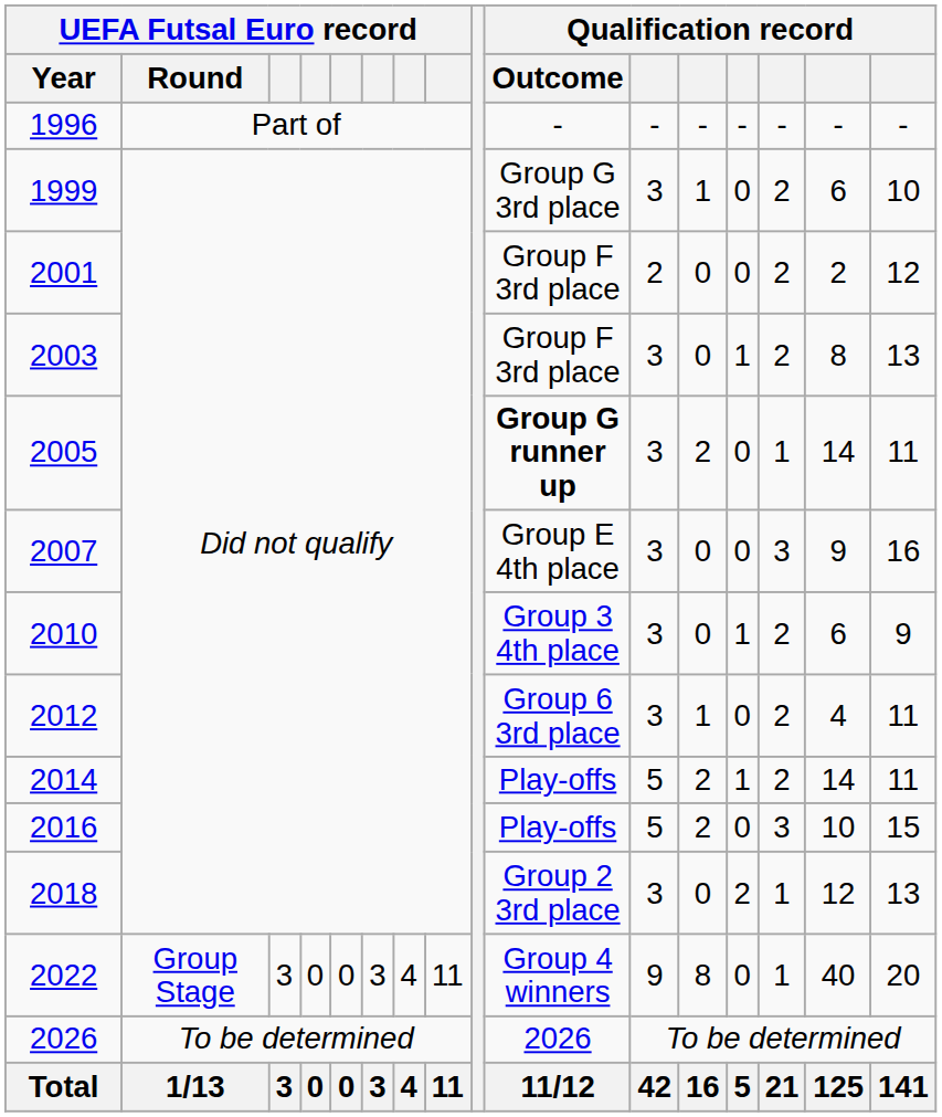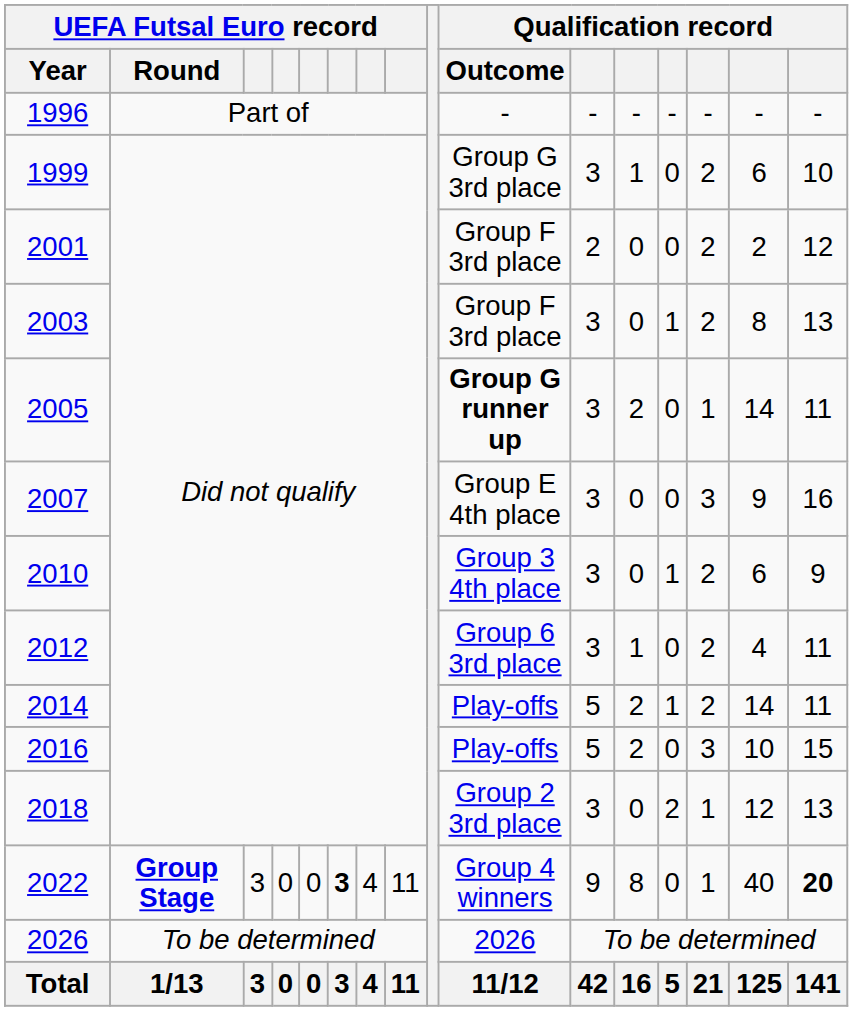 <table class="wikitable" width=50% style="text-align: center;font-size:90%;">
 <tr>
 <th colspan=8><a href='#'>UEFA Futsal Euro</a> record</th>
 <th width=1% rowspan=17></th>
 <th colspan=7>Qualification record</th>
 </tr>
 <tr>
 <th width=125px>Year</th>
 <th width=150px>Round</th>
 <th></th>
 <th></th>
 <th></th>
 <th></th>
 <th></th>
 <th></th>
 <th>Outcome</th>
 <th></th>
 <th></th>
 <th></th>
 <th></th>
 <th></th>
 <th></th>
 </tr>
 <tr>
 <td> <a href='#'>1996</a></td>
 <td colspan=7>Part of </td>
 <td>-</td>
 <td>-</td>
 <td>-</td>
 <td>-</td>
 <td>-</td>
 <td>-</td>
 <td>-</td>
 </tr>
 <tr - bgcolor=>
 <td> <a href='#'>1999</a></td>
 <td colspan=7 rowspan=10><em>Did not qualify</em></td>
 <td>Group G 3rd place</td>
 <td>3</td>
 <td>1</td>
 <td>0</td>
 <td>2</td>
 <td>6</td>
 <td>10</td>
 </tr>
 <tr - bgcolor=>
 <td> <a href='#'>2001</a></td>
 <td>Group F 3rd place</td>
 <td>2</td>
 <td>0</td>
 <td>0</td>
 <td>2</td>
 <td>2</td>
 <td>12</td>
 </tr>
 <tr - bgcolor=>
 <td> <a href='#'>2003</a></td>
 <td>Group F 3rd place</td>
 <td>3</td>
 <td>0</td>
 <td>1</td>
 <td>2</td>
 <td>8</td>
 <td>13</td>
 </tr>
 <tr - bgcolor=>
 <td> <a href='#'>2005</a></td>
 <td><strong>Group G runner up</strong></td>
 <td>3</td>
 <td>2</td>
 <td>0</td>
 <td>1</td>
 <td>14</td>
 <td>11</td>
 </tr>
 <tr - bgcolor=>
 <td> <a href='#'>2007</a></td>
 <td>Group E 4th place</td>
 <td>3</td>
 <td>0</td>
 <td>0</td>
 <td>3</td>
 <td>9</td>
 <td>16</td>
 </tr>
 <tr - bgcolor=>
 <td> <a href='#'>2010</a></td>
 <td><a href='#'>Group 3 4th place</a></td>
 <td>3</td>
 <td>0</td>
 <td>1</td>
 <td>2</td>
 <td>6</td>
 <td>9</td>
 </tr>
 <tr - bgcolor=>
 <td> <a href='#'>2012</a></td>
 <td><a href='#'>Group 6 3rd place</a></td>
 <td>3</td>
 <td>1</td>
 <td>0</td>
 <td>2</td>
 <td>4</td>
 <td>11</td>
 </tr>
 <tr - bgcolor=>
 <td> <a href='#'>2014</a></td>
 <td><a href='#'>Play-offs</a></td>
 <td>5</td>
 <td>2</td>
 <td>1</td>
 <td>2</td>
 <td>14</td>
 <td>11</td>
 </tr>
 <tr - bgcolor=>
 <td> <a href='#'>2016</a></td>
 <td><a href='#'>Play-offs</a></td>
 <td>5</td>
 <td>2</td>
 <td>0</td>
 <td>3</td>
 <td>10</td>
 <td>15</td>
 </tr>
 <tr - bgcolor=>
 <td> <a href='#'>2018</a></td>
 <td><a href='#'>Group 2 3rd place</a></td>
 <td>3</td>
 <td>0</td>
 <td>2</td>
 <td>1</td>
 <td>12</td>
 <td>13</td>
 </tr>
 <tr - bgcolor=>
 <td> <a href='#'>2022</a></td>
-<td><a href='#'>Group Stage</a></td>
+<td><strong><a href='#'>Group Stage</a></strong></td>
 <td>3</td>
 <td>0</td>
 <td>0</td>
-<td>3</td>
+<td><strong>3</strong></td>
 <td>4</td>
 <td>11</td>
 <td><a href='#'>Group 4 winners</a></td>
 <td>9</td>
 <td>8</td>
 <td>0</td>
 <td>1</td>
 <td>40</td>
-<td>20</td>
+<td><strong>20</strong></td>
 </tr>
 <tr - bgcolor=>
 <td> <a href='#'>2026</a></td>
 <td colspan=7><em>To be determined</em></td>
 <td><a href='#'>2026</a></td>
 <td colspan=6><em>To be determined</em></td>
 </tr>
 <tr>
 <th><strong>Total</strong></th>
 <th>1/13</th>
 <th>3</th>
 <th>0</th>
 <th>0</th>
 <th>3</th>
 <th>4</th>
 <th>11</th>
 <th>11/12</th>
 <th>42</th>
 <th>16</th>
 <th>5</th>
 <th>21</th>
 <th>125</th>
 <th>141</th>
 </tr>
 </table>
